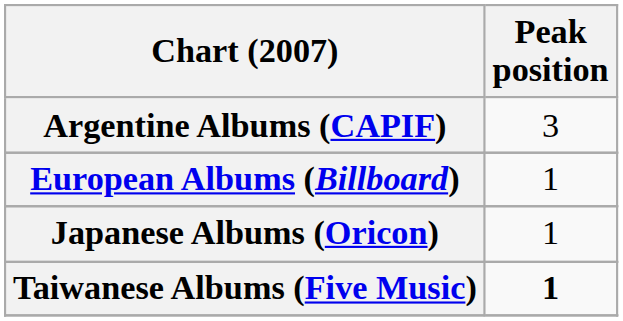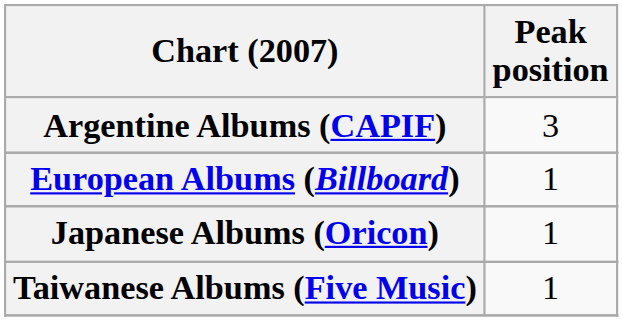 <table class="wikitable sortable plainrowheaders" style="text-align:center">
 <tr>
 <th scope="col">Chart (2007)</th>
 <th scope="col">Peak<br> position</th>
 </tr>
 <tr>
 <th scope="row">Argentine Albums (<a href='#'>CAPIF</a>)</th>
 <td>3</td>
 </tr>
 <tr>
 </tr>
 <tr>
 </tr>
 <tr>
 </tr>
 <tr>
 </tr>
 <tr>
 </tr>
 <tr>
 </tr>
 <tr>
 </tr>
 <tr>
 <th scope="row"><a href='#'>European Albums</a> (<em><a href='#'>Billboard</a></em>)</th>
 <td>1</td>
 </tr>
 <tr>
 </tr>
 <tr>
 </tr>
 <tr>
 </tr>
 <tr>
 </tr>
 <tr>
 </tr>
 <tr>
 </tr>
 <tr>
 <th scope="row">Japanese Albums (<a href='#'>Oricon</a>)</th>
 <td>1</td>
 </tr>
 <tr>
 </tr>
 <tr>
 </tr>
 <tr>
 </tr>
 <tr>
 </tr>
 <tr>
 </tr>
 <tr>
 </tr>
 <tr>
 </tr>
 <tr>
 <th scope="row">Taiwanese Albums (<a href='#'>Five Music</a>)</th>
-<td><strong>1</strong></td>
+<td>1</td>
 </tr>
 <tr>
 </tr>
 <tr>
 </tr>
 <tr>
 </tr>
 </table>
